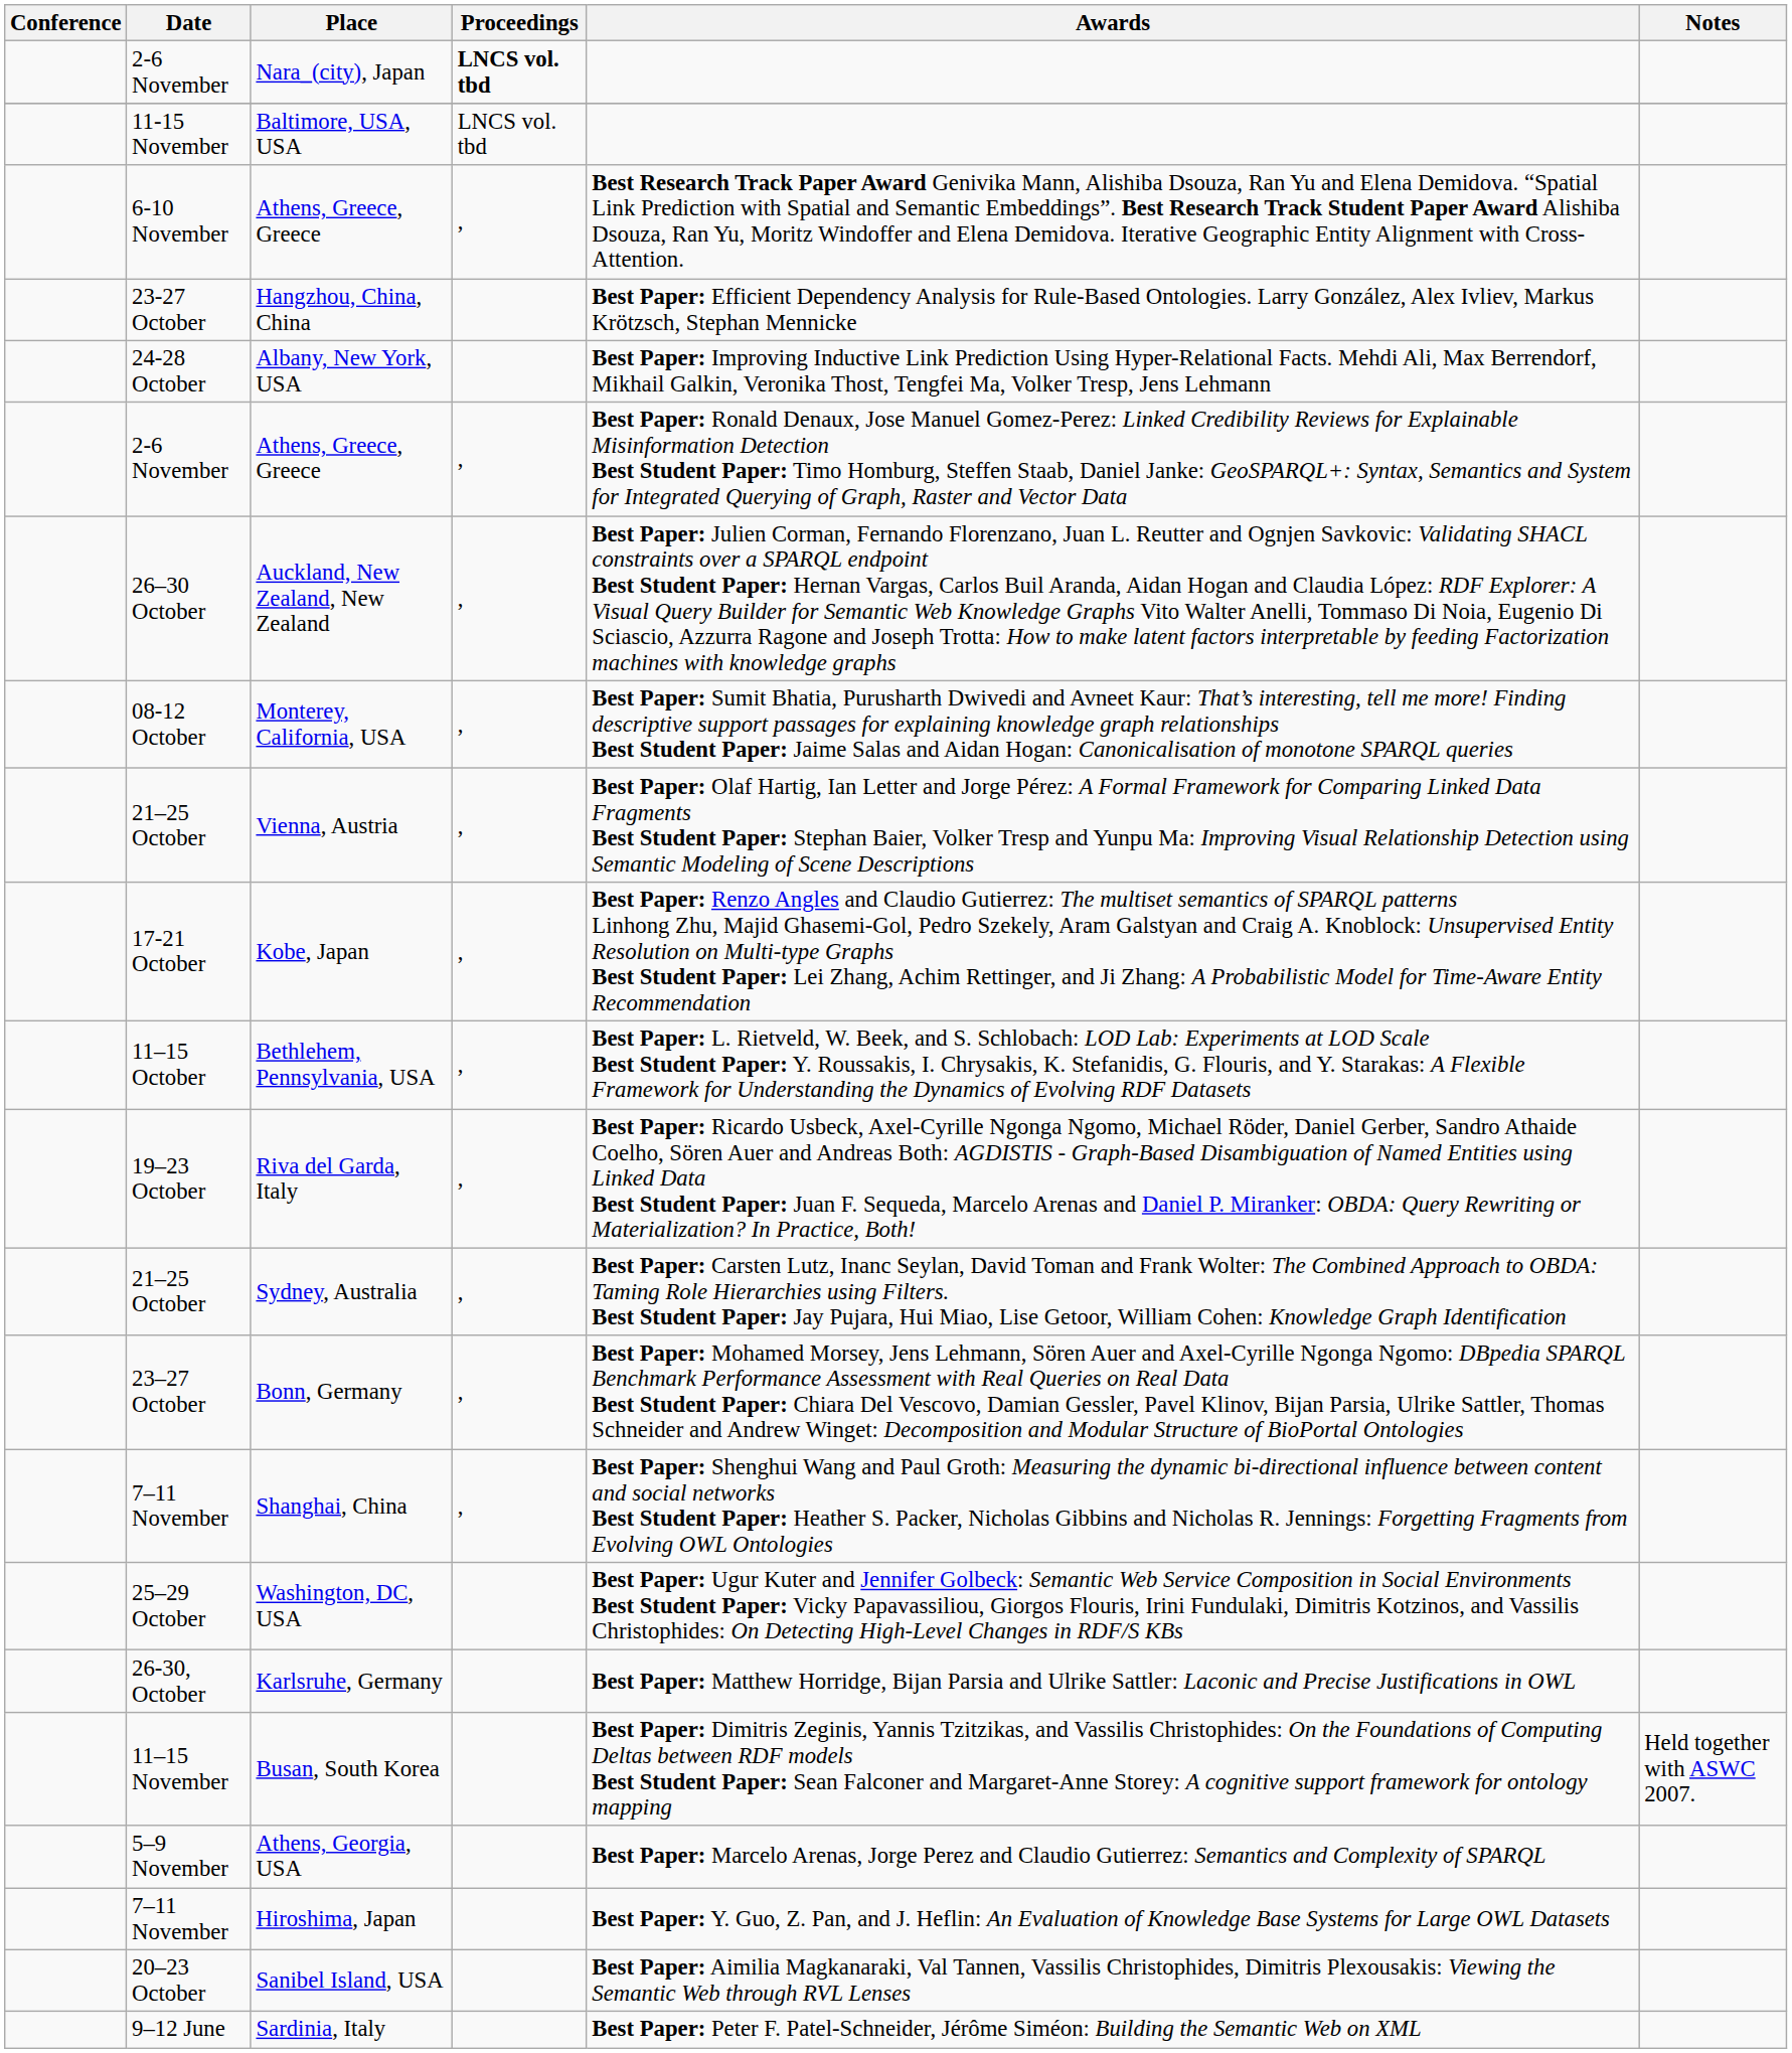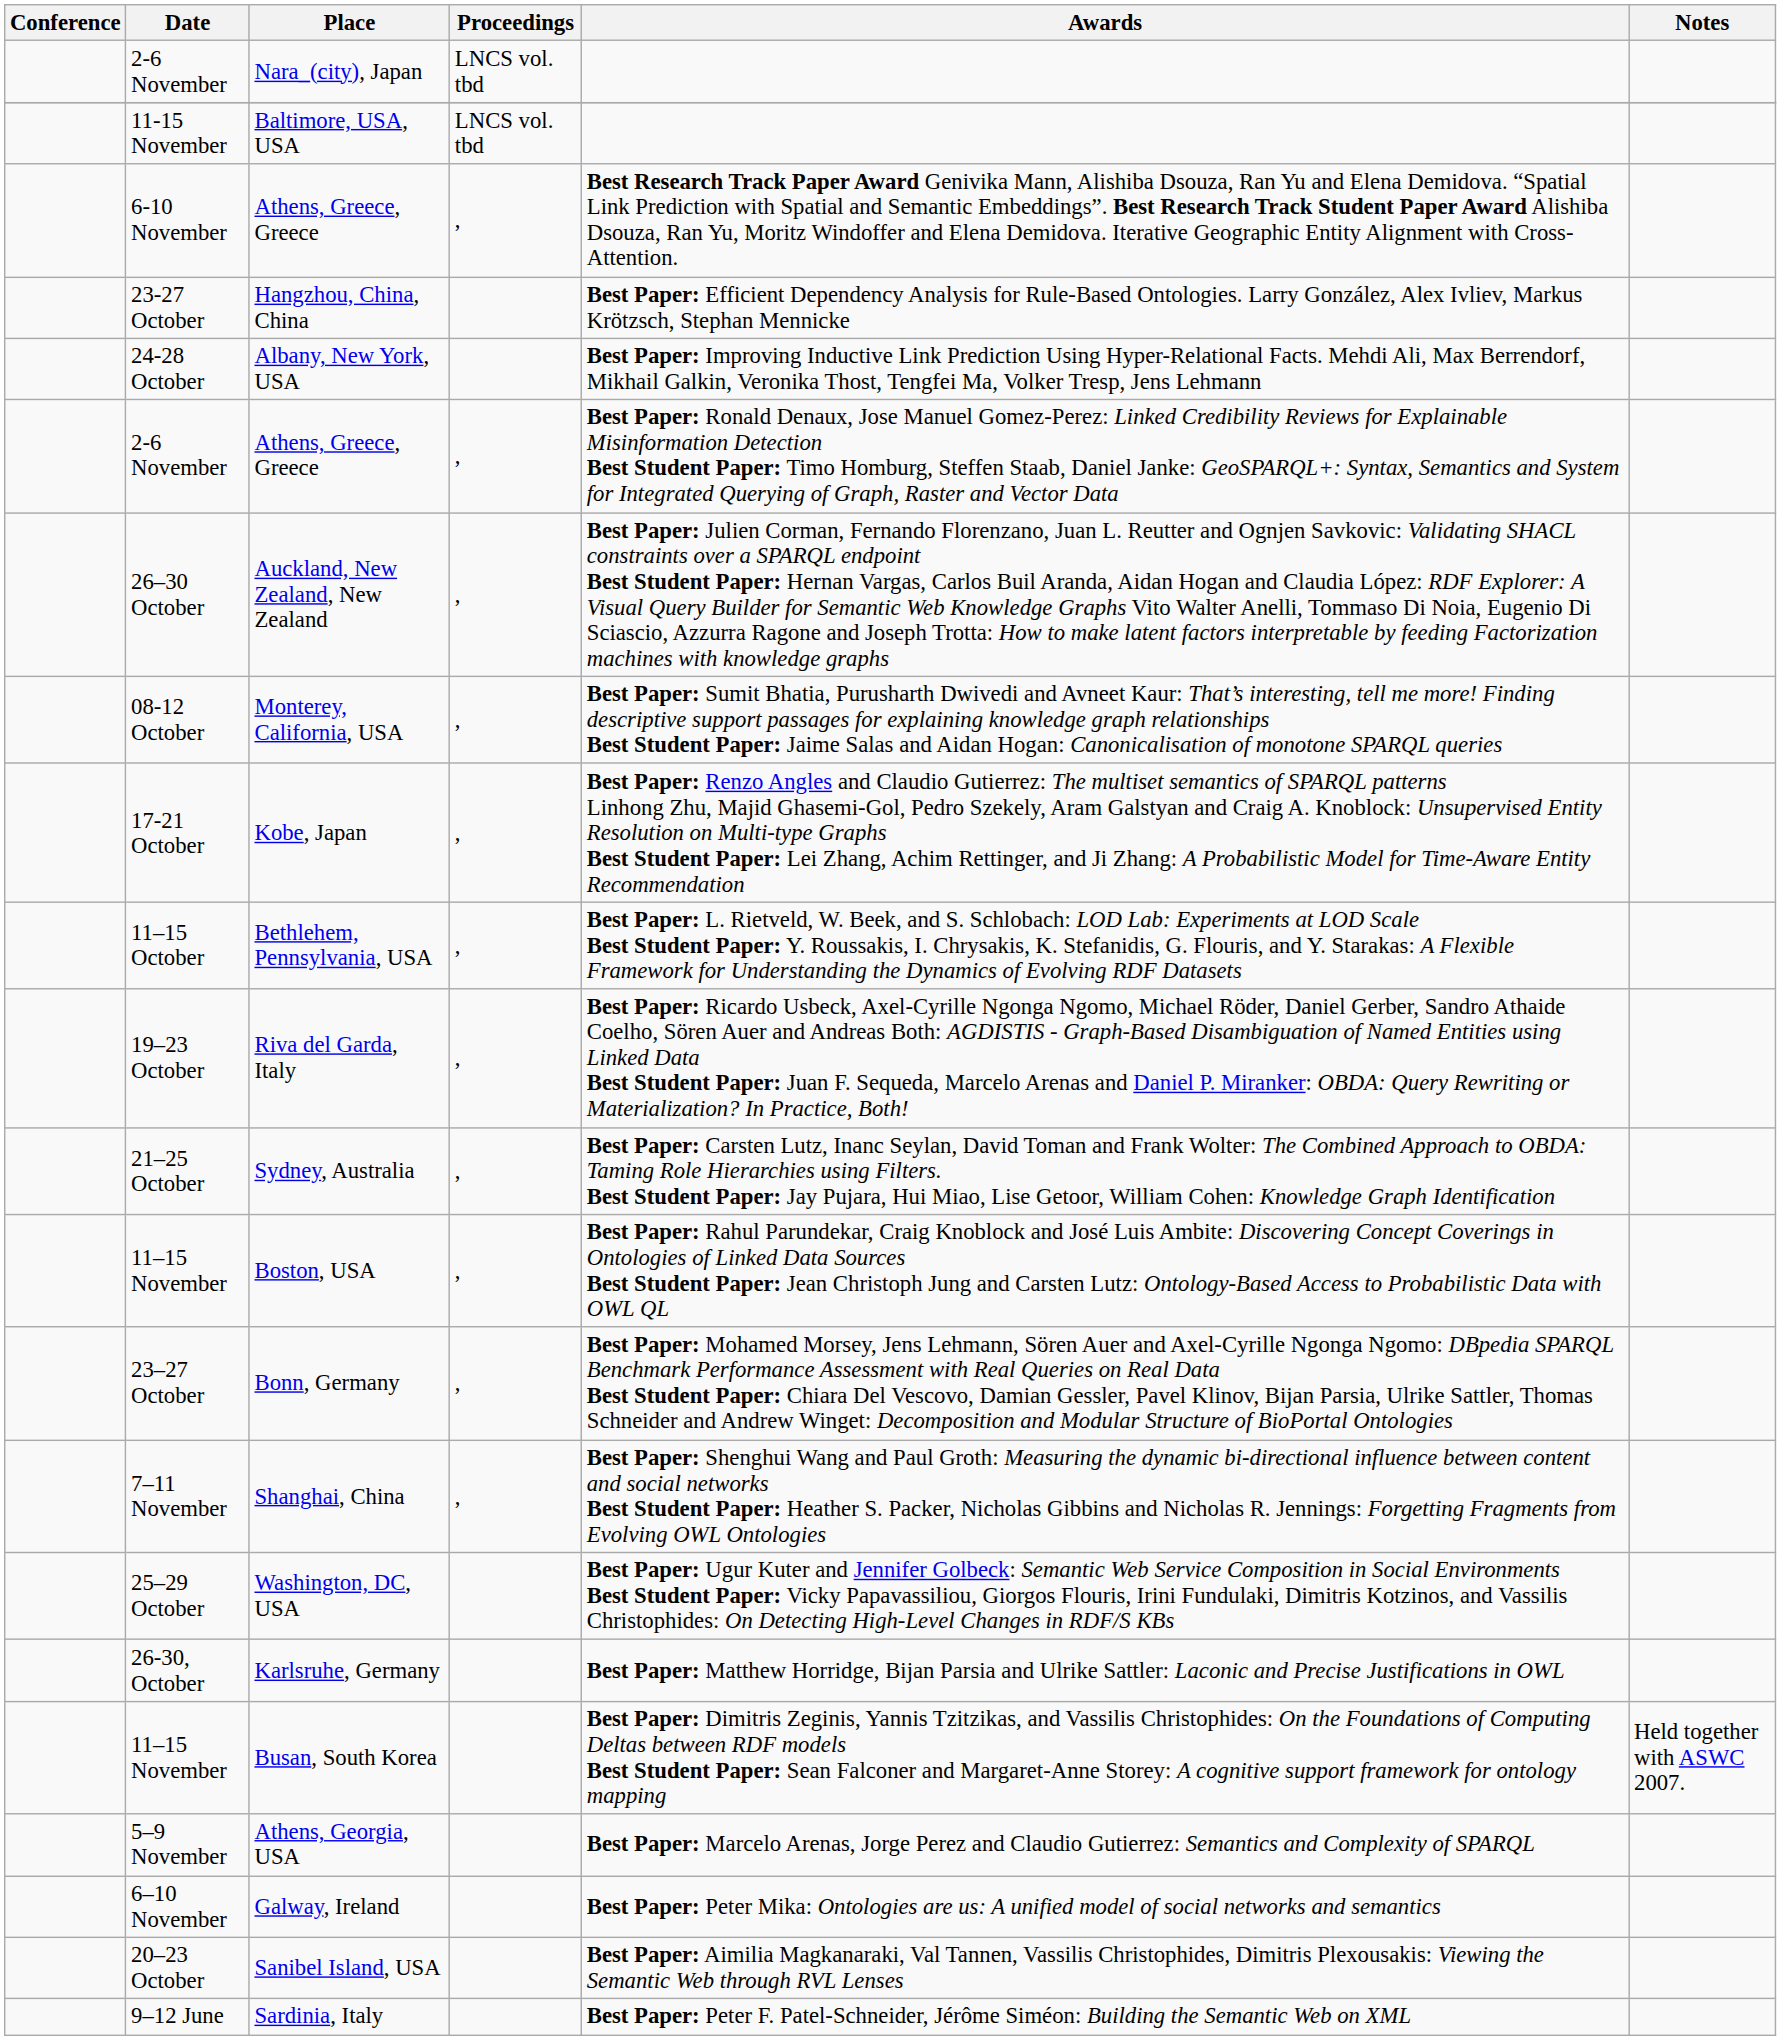 <table class="wikitable">
 <tr>
 <th>Conference</th>
 <th>Date</th>
 <th>Place</th>
 <th>Proceedings</th>
 <th>Awards</th>
 <th>Notes</th>
 </tr>
 <tr>
 <td></td>
 <td>2-6 November</td>
 <td> <a href='#'>Nara_(city)</a>, Japan</td>
-<td><strong>LNCS vol. tbd</strong></td>
+<td>LNCS vol. tbd</td>
 <td></td>
 <td></td>
 </tr>
 <tr>
 </tr>
 <tr>
 <td></td>
 <td>11-15 November</td>
 <td> <a href='#'>Baltimore, USA</a>, USA</td>
 <td>LNCS vol. tbd</td>
 <td></td>
 <td></td>
 </tr>
 <tr>
 <td></td>
 <td>6-10 November</td>
 <td> <a href='#'>Athens, Greece</a>, Greece</td>
 <td>, </td>
 <td><strong>Best Research Track Paper Award</strong> Genivika Mann, Alishiba Dsouza, Ran Yu and Elena Demidova. “Spatial Link Prediction with Spatial and Semantic Embeddings”. <strong>Best Research Track Student Paper Award</strong> Alishiba Dsouza, Ran Yu, Moritz Windoffer and Elena Demidova. Iterative Geographic Entity Alignment with Cross-Attention.</td>
 <td></td>
 </tr>
 <tr>
 <td></td>
 <td>23-27 October</td>
 <td> <a href='#'>Hangzhou, China</a>, China</td>
 <td></td>
 <td><strong>Best Paper:</strong> Efficient Dependency Analysis for Rule-Based Ontologies. Larry González, Alex Ivliev, Markus Krötzsch, Stephan Mennicke</td>
 <td></td>
 </tr>
 <tr>
 <td></td>
 <td>24-28 October</td>
 <td> <a href='#'>Albany, New York</a>, USA</td>
 <td></td>
 <td><strong>Best Paper:</strong> Improving Inductive Link Prediction Using Hyper-Relational Facts. Mehdi Ali, Max Berrendorf, Mikhail Galkin, Veronika Thost, Tengfei Ma, Volker Tresp, Jens Lehmann</td>
 <td></td>
 </tr>
 <tr>
 <td></td>
 <td>2-6 November</td>
 <td> <a href='#'>Athens, Greece</a>, Greece</td>
 <td>, </td>
 <td><strong>Best Paper:</strong> Ronald Denaux, Jose Manuel Gomez-Perez: <em>Linked Credibility Reviews for Explainable Misinformation Detection</em><br><strong>Best Student Paper:</strong> Timo Homburg, Steffen Staab, Daniel Janke: <em>GeoSPARQL+: Syntax, Semantics and System for Integrated Querying of Graph, Raster and Vector Data</em></td>
 <td></td>
 </tr>
 <tr>
 <td></td>
 <td>26–30 October</td>
 <td> <a href='#'>Auckland, New Zealand</a>, New Zealand</td>
 <td>, </td>
 <td><strong>Best Paper:</strong> Julien Corman, Fernando Florenzano, Juan L. Reutter and Ognjen Savkovic: <em>Validating SHACL constraints over a SPARQL endpoint</em><br><strong>Best Student Paper:</strong> Hernan Vargas, Carlos Buil Aranda, Aidan Hogan and Claudia López: <em>RDF Explorer: A Visual Query Builder for Semantic Web Knowledge Graphs</em> Vito Walter Anelli, Tommaso Di Noia, Eugenio Di Sciascio, Azzurra Ragone and Joseph Trotta: <em>How to make latent factors interpretable by feeding Factorization machines with knowledge graphs</em></td>
 <td></td>
 </tr>
 <tr>
 <td></td>
 <td>08-12 October</td>
 <td> <a href='#'>Monterey, California</a>, USA</td>
 <td>, </td>
 <td><strong>Best Paper:</strong> Sumit Bhatia, Purusharth Dwivedi and Avneet Kaur: <em>That’s interesting, tell me more! Finding descriptive support passages for explaining knowledge graph relationships</em><br><strong>Best Student Paper:</strong> Jaime Salas and Aidan Hogan: <em>Canonicalisation of monotone SPARQL queries</em></td>
 <td></td>
 </tr>
 <tr>
 <td></td>
-<td>21–25 October</td>
-<td> <a href='#'>Vienna</a>, Austria</td>
-<td>, </td>
-<td><strong>Best Paper:</strong> Olaf Hartig, Ian Letter and Jorge Pérez: <em>A Formal Framework for Comparing Linked Data Fragments</em><br><strong>Best Student Paper:</strong> Stephan Baier, Volker Tresp and Yunpu Ma: <em>Improving Visual Relationship Detection using Semantic Modeling of Scene Descriptions</em></td>
-<td></td>
-</tr>
-<tr>
-<td></td>
 <td>17-21 October</td>
 <td> <a href='#'>Kobe</a>, Japan</td>
 <td>, </td>
 <td><strong>Best Paper:</strong> <a href='#'>Renzo Angles</a> and Claudio Gutierrez: <em>The multiset semantics of SPARQL patterns</em><br>Linhong Zhu, Majid Ghasemi-Gol, Pedro Szekely, Aram Galstyan and Craig A. Knoblock: <em>Unsupervised Entity Resolution on Multi-type Graphs</em><br><strong>Best Student Paper:</strong> Lei Zhang, Achim Rettinger, and Ji Zhang: <em>A Probabilistic Model for Time-Aware Entity Recommendation</em></td>
 <td></td>
 </tr>
 <tr>
 <td></td>
 <td>11–15 October</td>
 <td> <a href='#'>Bethlehem, Pennsylvania</a>, USA</td>
 <td>, </td>
 <td><strong>Best Paper:</strong> L. Rietveld, W. Beek, and S. Schlobach: <em>LOD Lab: Experiments at LOD Scale</em> <br><strong>Best Student Paper:</strong> Y. Roussakis, I. Chrysakis, K. Stefanidis, G. Flouris, and Y. Starakas: <em>A Flexible Framework for Understanding the Dynamics of Evolving RDF Datasets</em></td>
 <td></td>
 </tr>
 <tr>
 <td></td>
 <td>19–23 October</td>
 <td> <a href='#'>Riva del Garda</a>, Italy</td>
 <td>, </td>
 <td><strong>Best Paper:</strong> Ricardo Usbeck, Axel-Cyrille Ngonga Ngomo, Michael Röder, Daniel Gerber, Sandro Athaide Coelho, Sören Auer and Andreas Both: <em>AGDISTIS - Graph-Based Disambiguation of Named Entities using Linked Data</em><br><strong>Best Student Paper:</strong> Juan F. Sequeda, Marcelo Arenas and <a href='#'>Daniel P. Miranker</a>: <em>OBDA: Query Rewriting or Materialization? In Practice, Both!</em></td>
 <td></td>
 </tr>
 <tr>
 <td></td>
 <td>21–25 October</td>
 <td> <a href='#'>Sydney</a>, Australia</td>
 <td>, </td>
 <td><strong>Best Paper:</strong> Carsten Lutz, Inanc Seylan, David Toman and Frank Wolter: <em>The Combined Approach to OBDA: Taming Role Hierarchies using Filters.</em><br><strong>Best Student Paper:</strong> Jay Pujara, Hui Miao, Lise Getoor, William Cohen: <em>Knowledge Graph Identification</em></td>
+<td></td>
+</tr>
+<tr>
+<td></td>
+<td>11–15 November</td>
+<td> <a href='#'>Boston</a>, USA</td>
+<td>, </td>
+<td><strong>Best Paper:</strong> Rahul Parundekar, Craig Knoblock and José Luis Ambite: <em>Discovering Concept Coverings in Ontologies of Linked Data Sources</em> <br><strong>Best Student Paper:</strong> Jean Christoph Jung and Carsten Lutz: <em>Ontology-Based Access to Probabilistic Data with OWL QL</em></td>
 <td></td>
 </tr>
 <tr>
 <td></td>
 <td>23–27 October</td>
 <td> <a href='#'>Bonn</a>, Germany</td>
 <td>, </td>
 <td><strong>Best Paper:</strong> Mohamed Morsey, Jens Lehmann, Sören Auer and Axel-Cyrille Ngonga Ngomo: <em>DBpedia SPARQL Benchmark Performance Assessment with Real Queries on Real Data</em><br><strong>Best Student Paper:</strong> Chiara Del Vescovo, Damian Gessler, Pavel Klinov, Bijan Parsia, Ulrike Sattler, Thomas Schneider and Andrew Winget: <em>Decomposition and Modular Structure of BioPortal Ontologies</em></td>
 <td></td>
 </tr>
 <tr>
 <td></td>
 <td>7–11 November</td>
 <td> <a href='#'>Shanghai</a>, China</td>
 <td>, </td>
 <td><strong>Best Paper:</strong> Shenghui Wang and Paul Groth: <em>Measuring the dynamic bi-directional influence between content and social networks</em><br><strong>Best Student Paper:</strong> Heather S. Packer, Nicholas Gibbins and Nicholas R. Jennings: <em>Forgetting Fragments from Evolving OWL Ontologies</em> </td>
 <td></td>
 </tr>
 <tr>
 <td></td>
 <td>25–29 October</td>
 <td> <a href='#'>Washington, DC</a>, USA</td>
 <td></td>
 <td><strong>Best Paper:</strong> Ugur Kuter and <a href='#'>Jennifer Golbeck</a>: <em>Semantic Web Service Composition in Social Environments</em><br><strong>Best Student Paper:</strong> Vicky Papavassiliou, Giorgos Flouris, Irini Fundulaki, Dimitris Kotzinos, and Vassilis Christophides: <em>On Detecting High-Level Changes in RDF/S KBs</em> </td>
 <td></td>
 </tr>
 <tr>
 <td></td>
 <td>26-30, October</td>
 <td> <a href='#'>Karlsruhe</a>, Germany</td>
 <td></td>
 <td><strong>Best Paper:</strong> Matthew Horridge, Bijan Parsia and Ulrike Sattler: <em>Laconic and Precise Justifications in OWL</em></td>
 <td></td>
 </tr>
 <tr>
 <td></td>
 <td>11–15 November</td>
 <td> <a href='#'>Busan</a>, South Korea</td>
 <td></td>
 <td><strong>Best Paper:</strong> Dimitris Zeginis, Yannis Tzitzikas, and Vassilis Christophides: <em>On the Foundations of Computing Deltas between RDF models</em><br><strong>Best Student Paper:</strong> Sean Falconer and Margaret-Anne Storey: <em>A cognitive support framework for ontology mapping</em></td>
 <td>Held together with <a href='#'>ASWC</a> 2007.</td>
 </tr>
 <tr>
 <td> </td>
 <td>5–9 November</td>
 <td> <a href='#'>Athens, Georgia</a>, USA</td>
 <td></td>
 <td><strong>Best Paper:</strong> Marcelo Arenas, Jorge Perez and Claudio Gutierrez: <em>Semantics and Complexity of SPARQL</em></td>
 <td></td>
 </tr>
 <tr>
+<td> </td>
+<td>6–10 November</td>
+<td> <a href='#'>Galway</a>, Ireland</td>
 <td></td>
-<td>7–11 November</td>
-<td> <a href='#'>Hiroshima</a>, Japan</td>
-<td></td>
-<td><strong>Best Paper:</strong> Y. Guo, Z. Pan, and J. Heflin: <em>An Evaluation of Knowledge Base Systems for Large OWL Datasets</em></td>
+<td><strong>Best Paper:</strong> Peter Mika: <em>Ontologies are us: A unified model of social networks and semantics</em></td>
 <td></td>
 </tr>
 <tr>
 <td></td>
 <td>20–23 October</td>
 <td> <a href='#'>Sanibel Island</a>, USA</td>
 <td></td>
 <td><strong>Best Paper:</strong> Aimilia Magkanaraki, Val Tannen, Vassilis Christophides, Dimitris Plexousakis: <em>Viewing the Semantic Web through RVL Lenses</em></td>
 <td></td>
 </tr>
 <tr>
 <td></td>
 <td>9–12 June</td>
 <td> <a href='#'>Sardinia</a>, Italy</td>
 <td></td>
 <td><strong>Best Paper:</strong> Peter F. Patel-Schneider, Jérôme Siméon: <em>Building the Semantic Web on XML</em></td>
 <td></td>
 </tr>
 </table>
